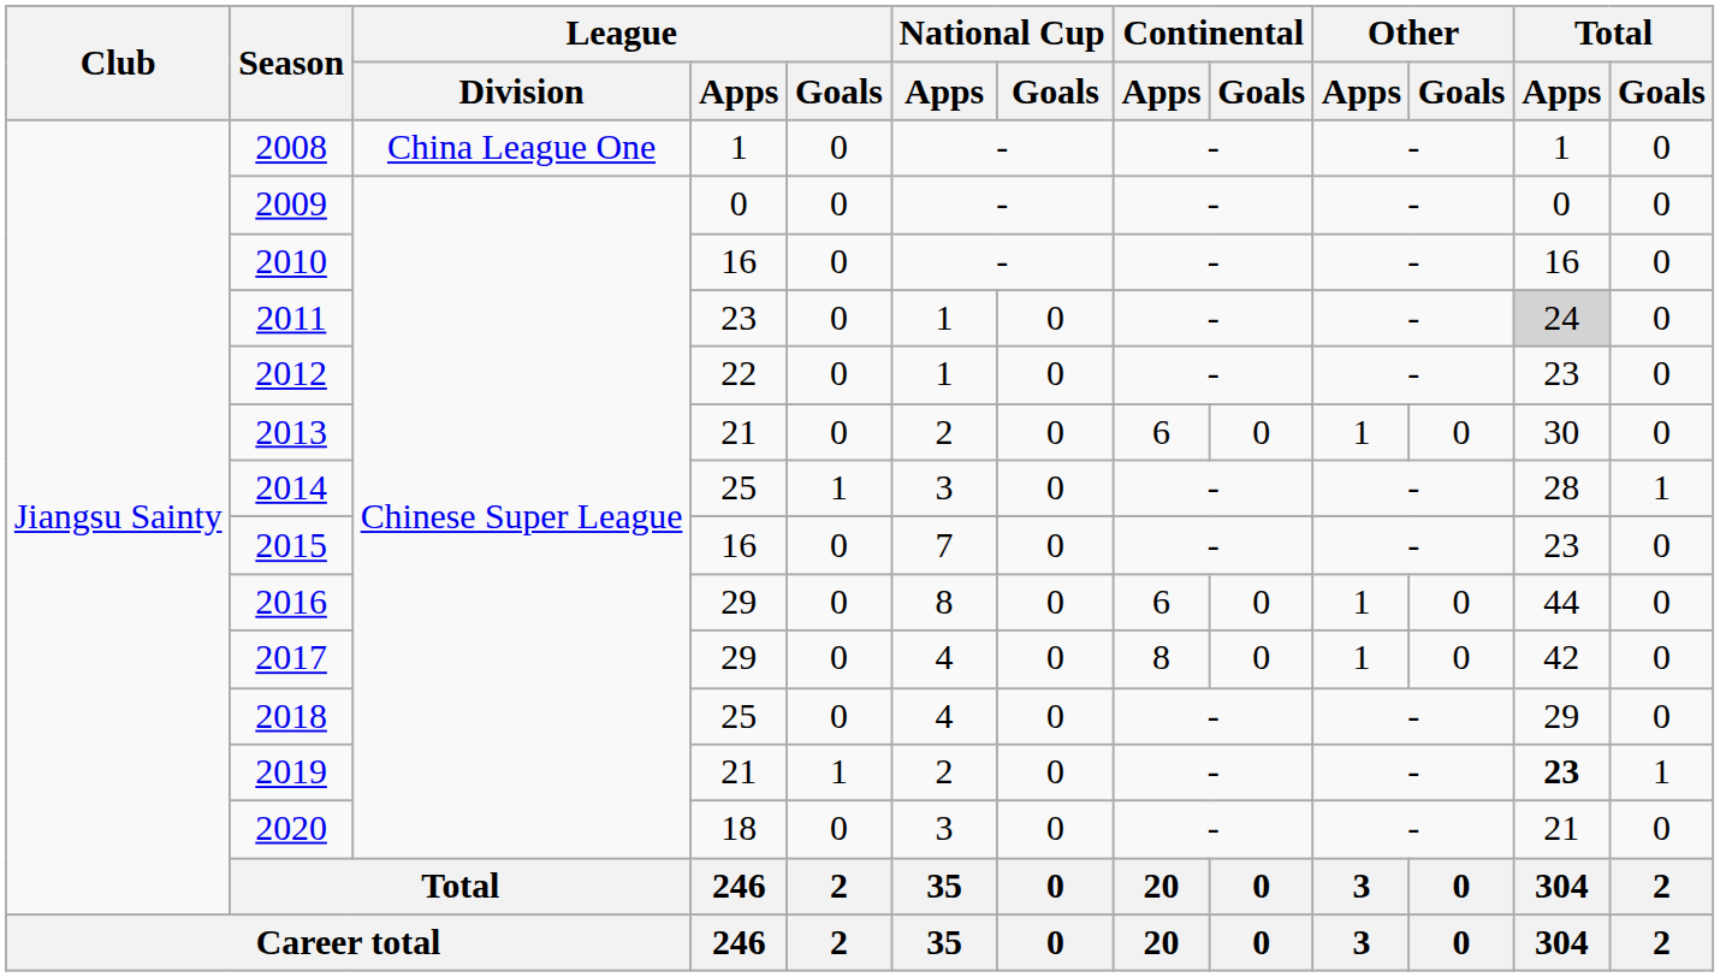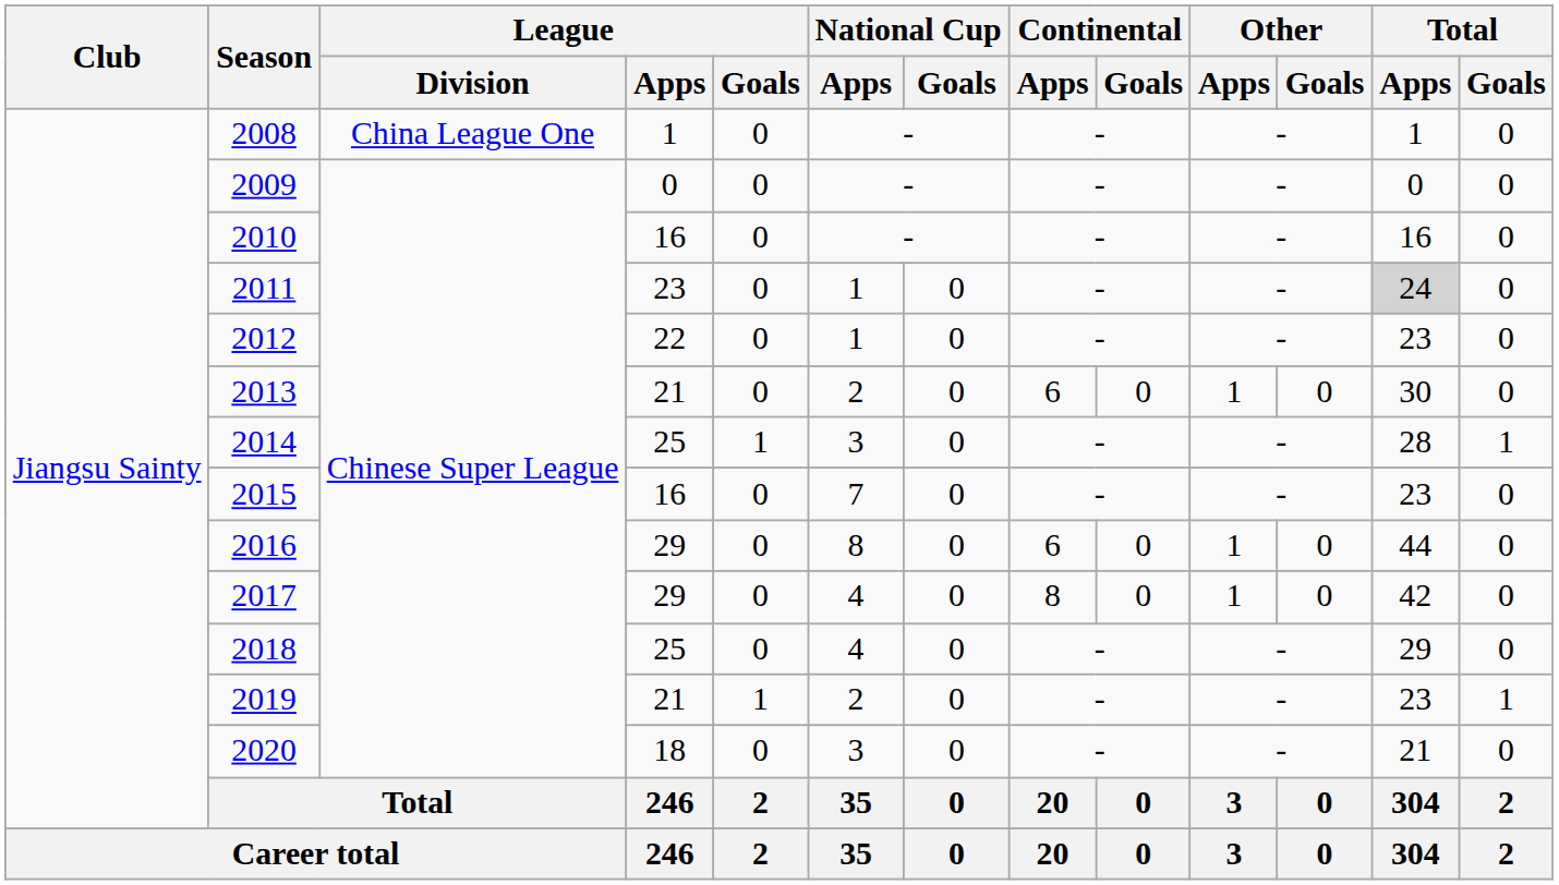 <table class="wikitable" style="text-align: center">
 <tr>
 <th rowspan="2">Club</th>
 <th rowspan="2">Season</th>
 <th colspan="3">League</th>
 <th colspan="2">National Cup</th>
 <th colspan="2">Continental</th>
 <th colspan="2">Other</th>
 <th colspan="2">Total</th>
 </tr>
 <tr>
 <th>Division</th>
 <th>Apps</th>
 <th>Goals</th>
 <th>Apps</th>
 <th>Goals</th>
 <th>Apps</th>
 <th>Goals</th>
 <th>Apps</th>
 <th>Goals</th>
 <th>Apps</th>
 <th>Goals</th>
 </tr>
 <tr>
 <td rowspan="14"><a href='#'>Jiangsu Sainty</a></td>
 <td><a href='#'>2008</a></td>
 <td><a href='#'>China League One</a></td>
 <td>1</td>
 <td>0</td>
 <td colspan="2">-</td>
 <td colspan="2">-</td>
 <td colspan="2">-</td>
 <td>1</td>
 <td>0</td>
 </tr>
 <tr>
 <td><a href='#'>2009</a></td>
 <td rowspan="12"><a href='#'>Chinese Super League</a></td>
 <td>0</td>
 <td>0</td>
 <td colspan="2">-</td>
 <td colspan="2">-</td>
 <td colspan="2">-</td>
 <td>0</td>
 <td>0</td>
 </tr>
 <tr>
 <td><a href='#'>2010</a></td>
 <td>16</td>
 <td>0</td>
 <td colspan="2">-</td>
 <td colspan="2">-</td>
 <td colspan="2">-</td>
 <td>16</td>
 <td>0</td>
 </tr>
 <tr>
 <td><a href='#'>2011</a></td>
 <td>23</td>
 <td>0</td>
 <td>1</td>
 <td>0</td>
 <td colspan="2">-</td>
 <td colspan="2">-</td>
 <td style="background: lightgrey;">24</td>
 <td>0</td>
 </tr>
 <tr>
 <td><a href='#'>2012</a></td>
 <td>22</td>
 <td>0</td>
 <td>1</td>
 <td>0</td>
 <td colspan="2">-</td>
 <td colspan="2">-</td>
 <td>23</td>
 <td>0</td>
 </tr>
 <tr>
 <td><a href='#'>2013</a></td>
 <td>21</td>
 <td>0</td>
 <td>2</td>
 <td>0</td>
 <td>6</td>
 <td>0</td>
 <td>1</td>
 <td>0</td>
 <td>30</td>
 <td>0</td>
 </tr>
 <tr>
 <td><a href='#'>2014</a></td>
 <td>25</td>
 <td>1</td>
 <td>3</td>
 <td>0</td>
 <td colspan="2">-</td>
 <td colspan="2">-</td>
 <td>28</td>
 <td>1</td>
 </tr>
 <tr>
 <td><a href='#'>2015</a></td>
 <td>16</td>
 <td>0</td>
 <td>7</td>
 <td>0</td>
 <td colspan="2">-</td>
 <td colspan="2">-</td>
 <td>23</td>
 <td>0</td>
 </tr>
 <tr>
 <td><a href='#'>2016</a></td>
 <td>29</td>
 <td>0</td>
 <td>8</td>
 <td>0</td>
 <td>6</td>
 <td>0</td>
 <td>1</td>
 <td>0</td>
 <td>44</td>
 <td>0</td>
 </tr>
 <tr>
 <td><a href='#'>2017</a></td>
 <td>29</td>
 <td>0</td>
 <td>4</td>
 <td>0</td>
 <td>8</td>
 <td>0</td>
 <td>1</td>
 <td>0</td>
 <td>42</td>
 <td>0</td>
 </tr>
 <tr>
 <td><a href='#'>2018</a></td>
 <td>25</td>
 <td>0</td>
 <td>4</td>
 <td>0</td>
 <td colspan="2">-</td>
 <td colspan="2">-</td>
 <td>29</td>
 <td>0</td>
 </tr>
 <tr>
 <td><a href='#'>2019</a></td>
 <td>21</td>
 <td>1</td>
 <td>2</td>
 <td>0</td>
 <td colspan="2">-</td>
 <td colspan="2">-</td>
-<td><strong>23</strong></td>
+<td>23</td>
 <td>1</td>
 </tr>
 <tr>
 <td><a href='#'>2020</a></td>
 <td>18</td>
 <td>0</td>
 <td>3</td>
 <td>0</td>
 <td colspan="2">-</td>
 <td colspan="2">-</td>
 <td>21</td>
 <td>0</td>
 </tr>
 <tr>
 <th colspan="2"><strong>Total</strong></th>
 <th>246</th>
 <th>2</th>
 <th>35</th>
 <th>0</th>
 <th>20</th>
 <th>0</th>
 <th>3</th>
 <th>0</th>
 <th>304</th>
 <th>2</th>
 </tr>
 <tr>
 <th colspan=3>Career total</th>
 <th>246</th>
 <th>2</th>
 <th>35</th>
 <th>0</th>
 <th>20</th>
 <th>0</th>
 <th>3</th>
 <th>0</th>
 <th>304</th>
 <th>2</th>
 </tr>
 </table>
